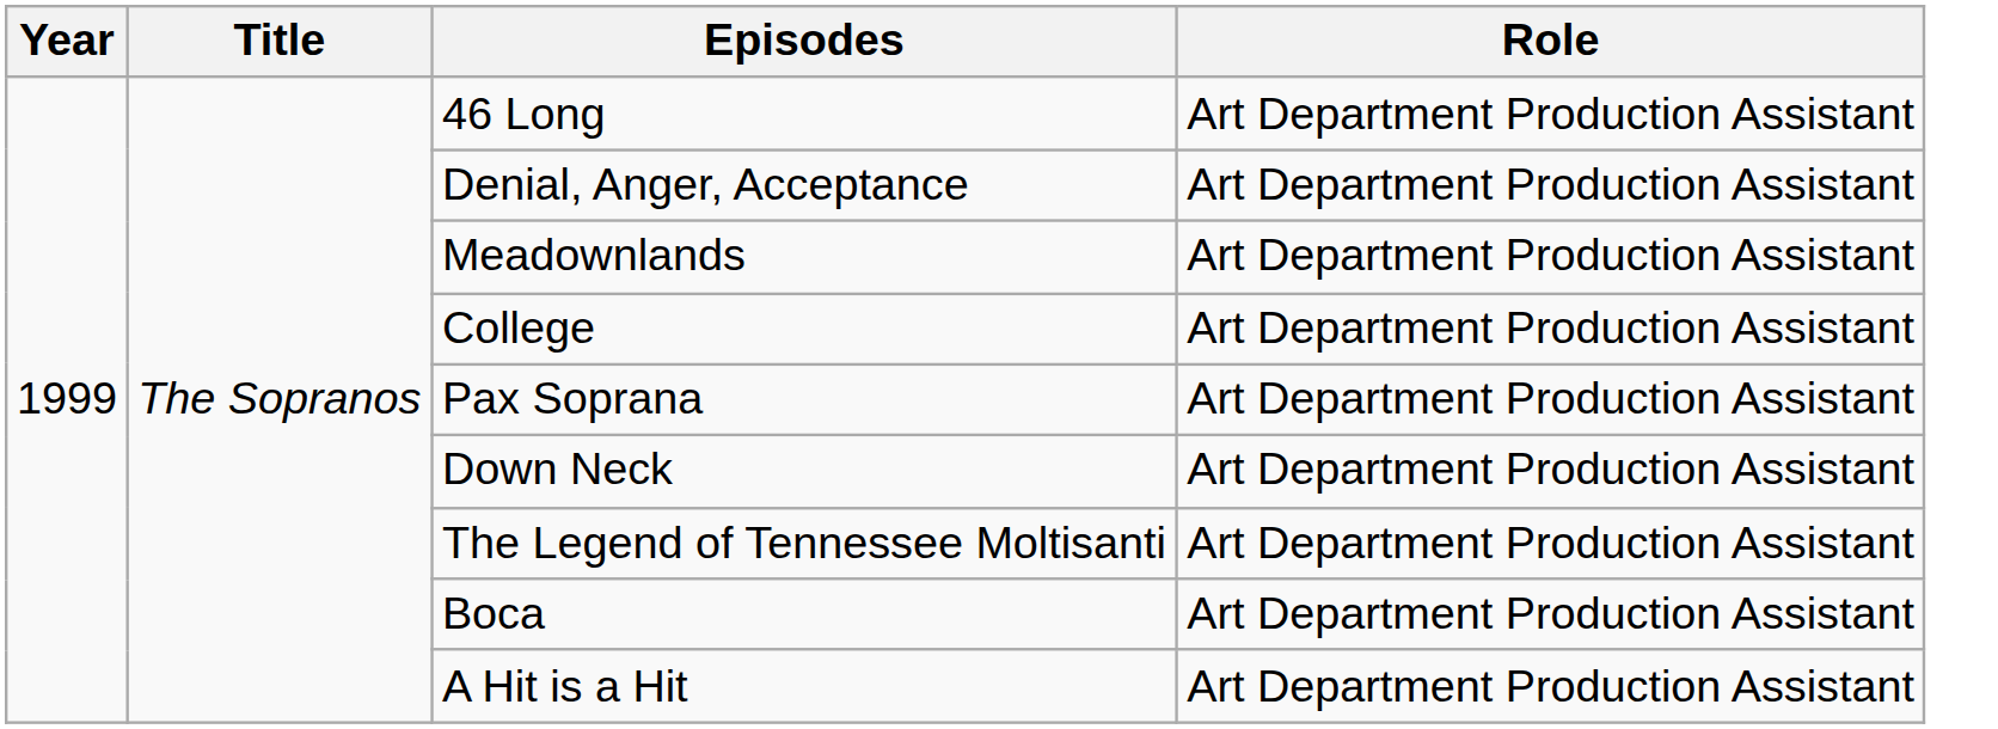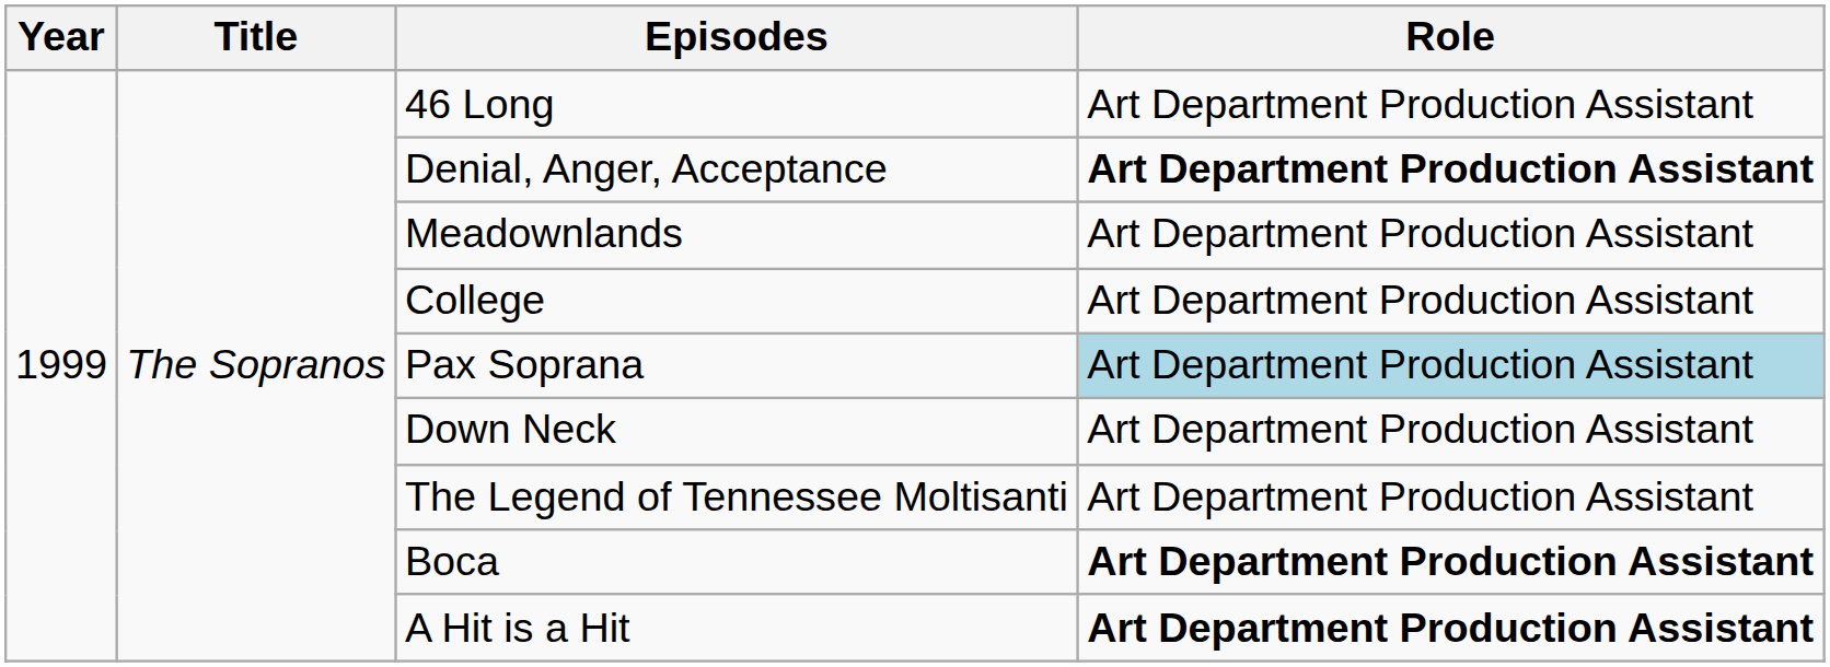 <table class="wikitable">
 <tr>
 <th>Year</th>
 <th>Title</th>
 <th>Episodes</th>
 <th>Role</th>
 </tr>
 <tr>
 <td rowspan="9">1999</td>
 <td rowspan="9"><em>The Sopranos</em></td>
 <td>46 Long</td>
 <td>Art Department Production Assistant</td>
 </tr>
 <tr>
 <td>Denial, Anger, Acceptance</td>
-<td>Art Department Production Assistant</td>
+<td><strong>Art Department Production Assistant</strong></td>
 </tr>
 <tr>
 <td>Meadownlands</td>
 <td>Art Department Production Assistant</td>
 </tr>
 <tr>
 <td>College</td>
 <td>Art Department Production Assistant</td>
 </tr>
 <tr>
 <td>Pax Soprana</td>
-<td>Art Department Production Assistant</td>
+<td style="background: lightblue;">Art Department Production Assistant</td>
 </tr>
 <tr>
 <td>Down Neck</td>
 <td>Art Department Production Assistant</td>
 </tr>
 <tr>
 <td>The Legend of Tennessee Moltisanti</td>
 <td>Art Department Production Assistant</td>
 </tr>
 <tr>
 <td>Boca</td>
-<td>Art Department Production Assistant</td>
+<td><strong>Art Department Production Assistant</strong></td>
 </tr>
 <tr>
 <td>A Hit is a Hit</td>
-<td>Art Department Production Assistant</td>
+<td><strong>Art Department Production Assistant</strong></td>
 </tr>
 </table>
